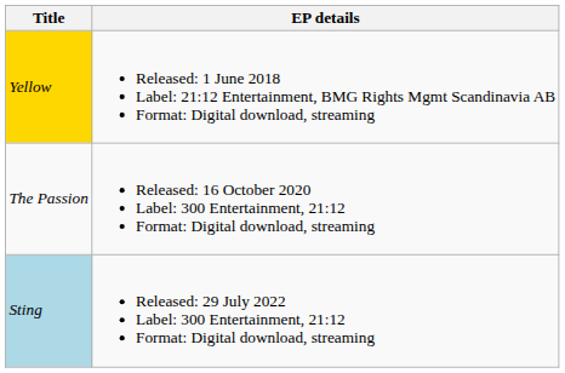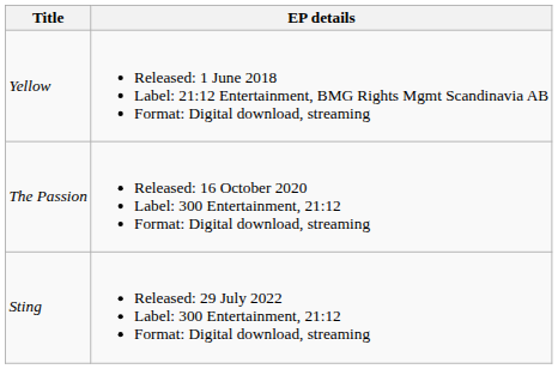 <table class="wikitable">
 <tr>
 <th>Title</th>
 <th>EP details</th>
 </tr>
 <tr>
-<td style="background: gold;"><em>Yellow</em></td>
+<td><em>Yellow</em></td>
 <td><br><ul><li>Released: 1 June 2018</li><li>Label: 21:12 Entertainment, BMG Rights Mgmt Scandinavia AB</li><li>Format: Digital download, streaming</li></ul></td>
 </tr>
 <tr>
 <td><em>The Passion</em></td>
 <td><br><ul><li>Released: 16 October 2020</li><li>Label: 300 Entertainment, 21:12</li><li>Format: Digital download, streaming</li></ul></td>
 </tr>
 <tr>
-<td style="background: lightblue;"><em>Sting</em></td>
+<td><em>Sting</em></td>
 <td><br><ul><li>Released: 29 July 2022</li><li>Label: 300 Entertainment, 21:12</li><li>Format: Digital download, streaming</li></ul></td>
 </tr>
 </table>
